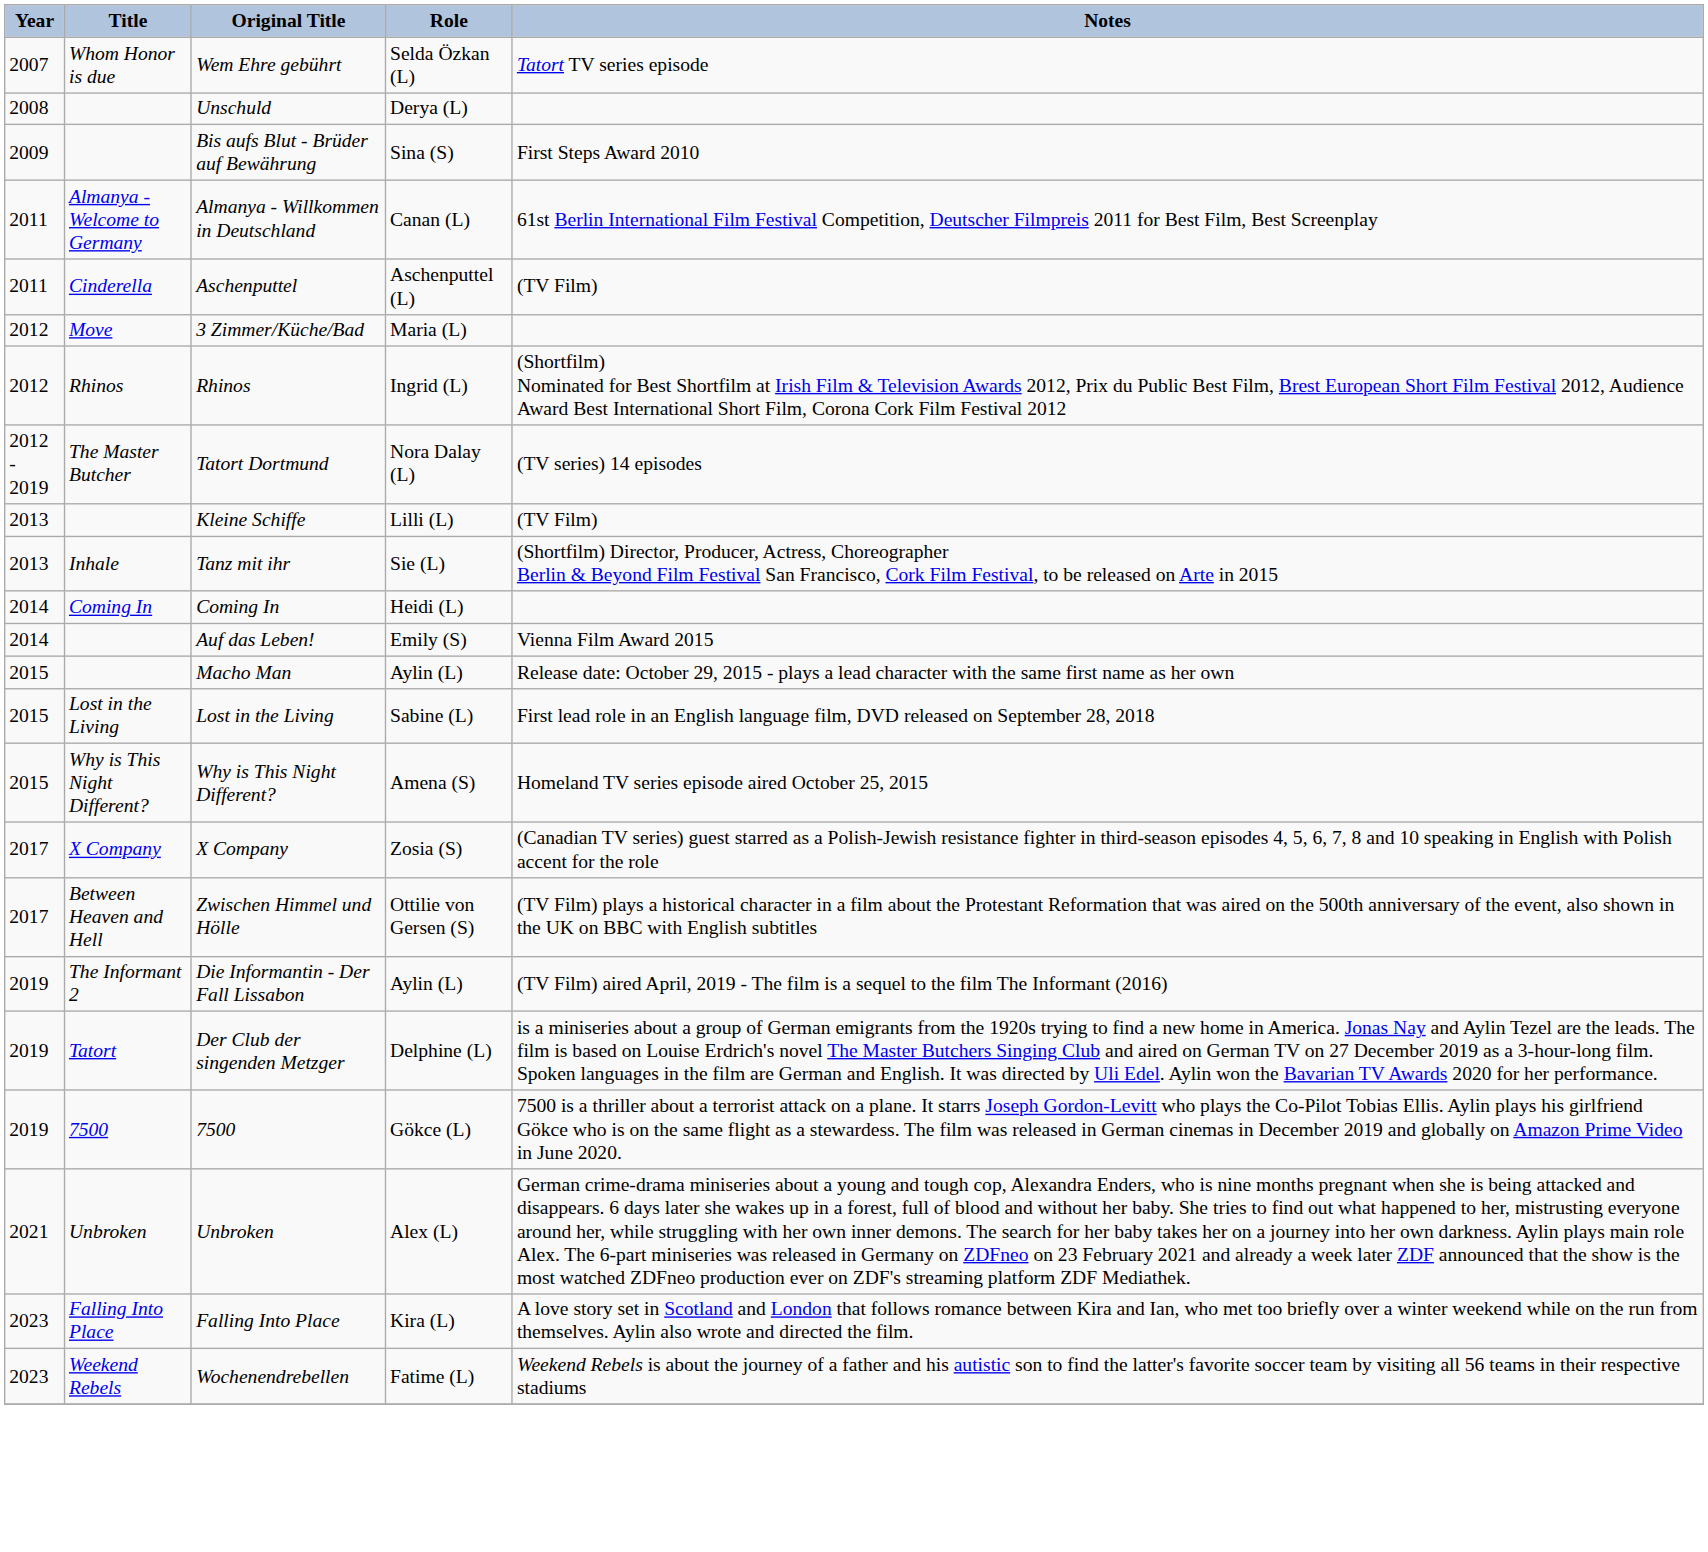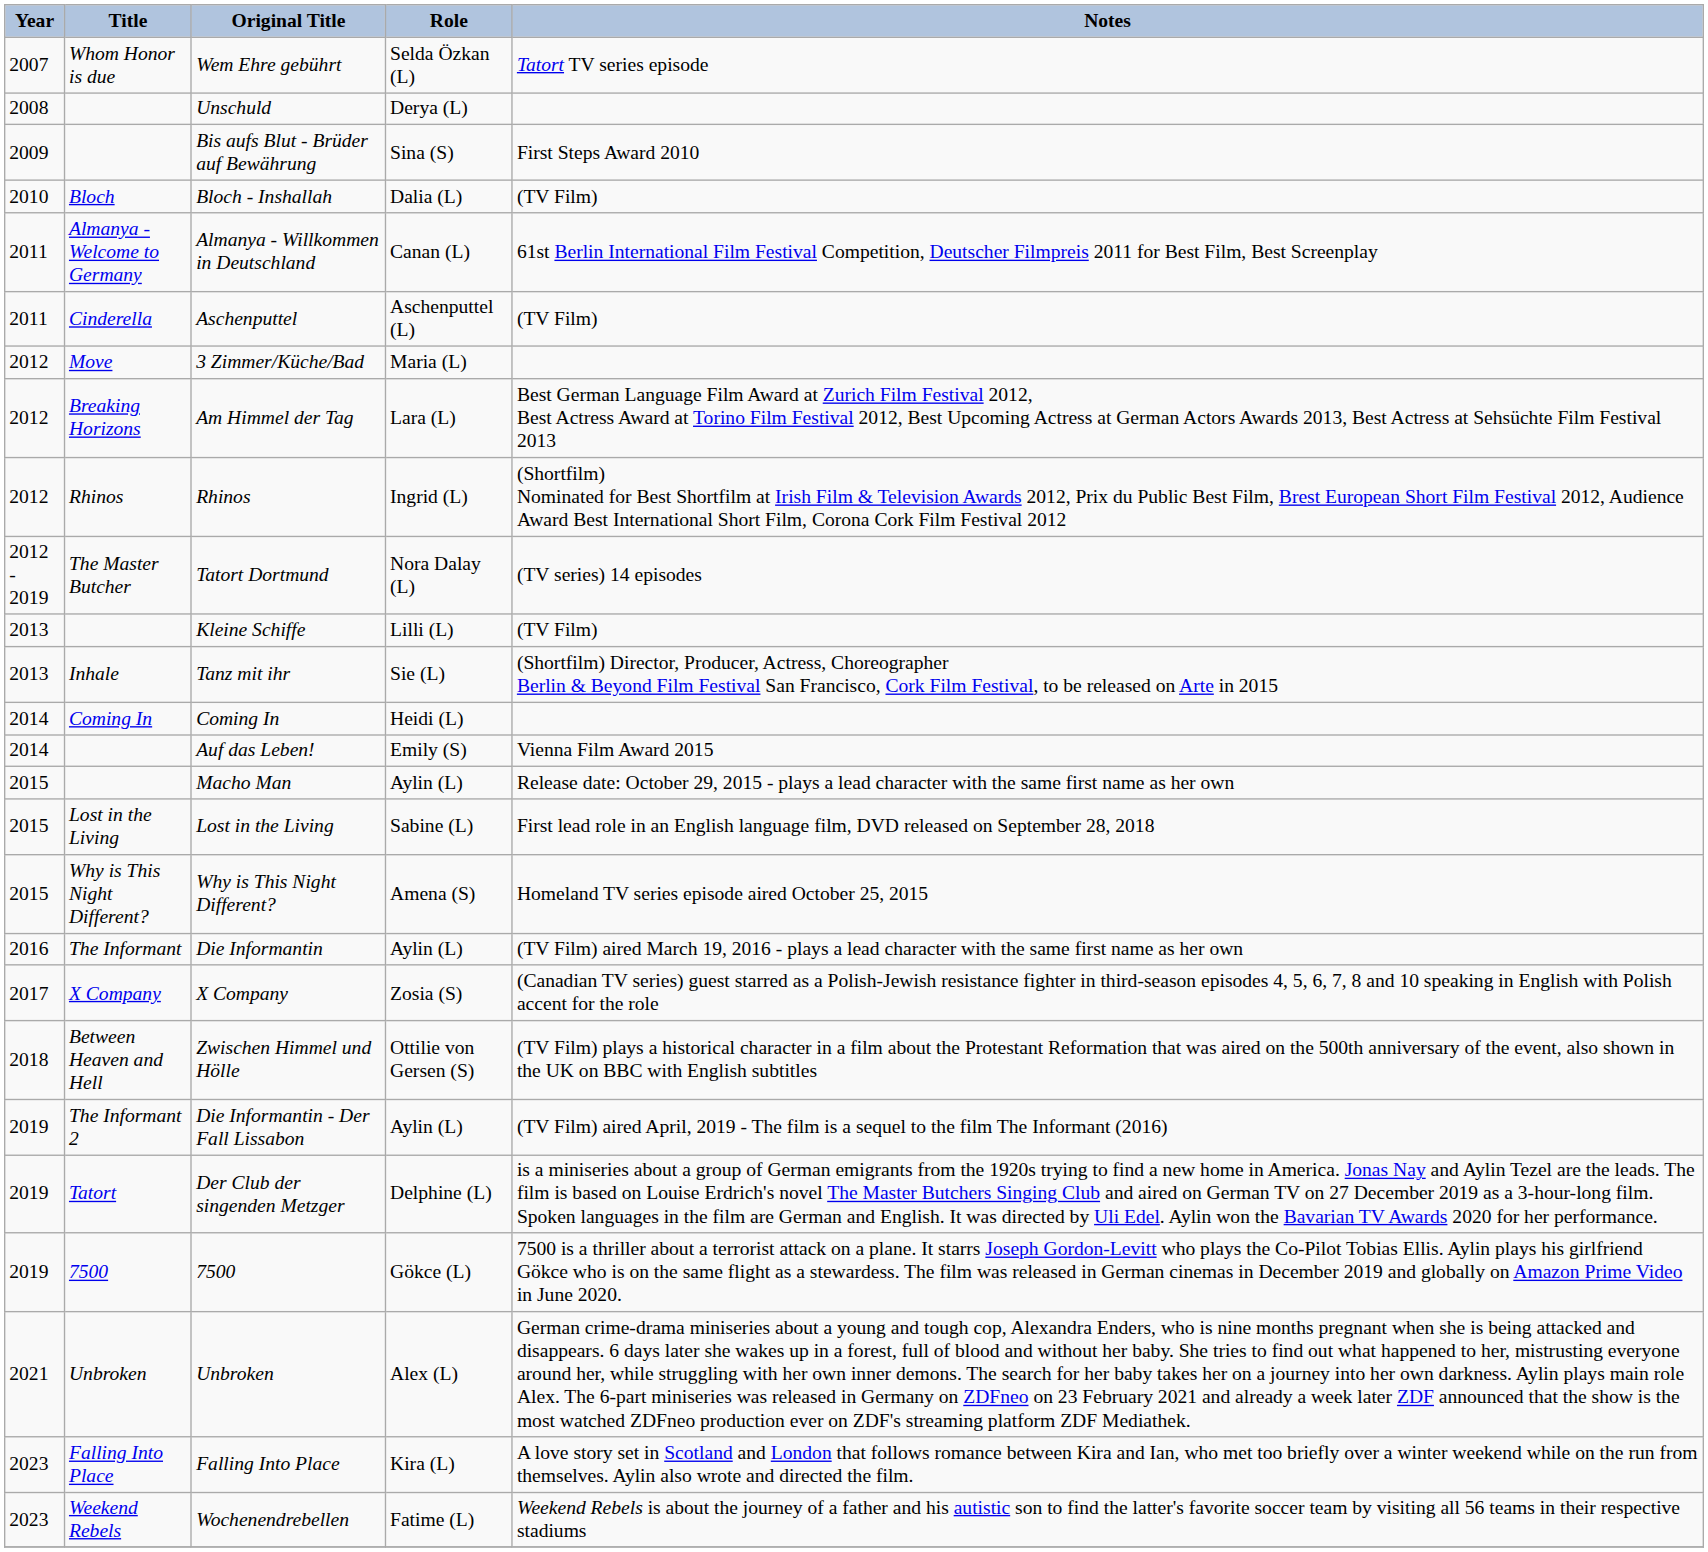 <table class="wikitable" style="font-size:90%;">
 <tr>
 <th style="background:#B0C4DE;">Year</th>
 <th style="background:#B0C4DE;">Title</th>
 <th style="background:#B0C4DE;">Original Title</th>
 <th style="background:#B0C4DE;">Role</th>
 <th style="background:#B0C4DE;">Notes</th>
 </tr>
 <tr>
 <td>2007</td>
 <td><em>Whom Honor is due</em></td>
 <td><em>Wem Ehre gebührt</em></td>
 <td>Selda Özkan (L)</td>
 <td><em><a href='#'>Tatort</a></em> TV series episode</td>
 </tr>
 <tr>
 <td>2008</td>
 <td><em></em></td>
 <td><em>Unschuld</em></td>
 <td>Derya (L)</td>
 </tr>
 <tr>
 <td>2009</td>
 <td><em></em></td>
 <td><em>Bis aufs Blut - Brüder auf Bewährung</em></td>
 <td>Sina (S)</td>
 <td>First Steps Award 2010</td>
 </tr>
 <tr>
+<td>2010</td>
+<td><em><a href='#'>Bloch</a></em></td>
+<td><em>Bloch - Inshallah</em></td>
+<td>Dalia (L)</td>
+<td>(TV Film)</td>
+</tr>
+<tr>
 <td>2011</td>
 <td><em><a href='#'>Almanya - Welcome to Germany</a></em></td>
 <td><em>Almanya - Willkommen in Deutschland</em></td>
 <td>Canan (L)</td>
 <td>61st <a href='#'>Berlin International Film Festival</a> Competition, <a href='#'>Deutscher Filmpreis</a> 2011 for Best Film, Best Screenplay</td>
 </tr>
 <tr>
 <td>2011</td>
 <td><em><a href='#'>Cinderella</a></em></td>
 <td><em>Aschenputtel</em></td>
 <td>Aschenputtel (L)</td>
 <td>(TV Film)</td>
 </tr>
 <tr>
 <td>2012</td>
 <td><em><a href='#'>Move</a></em></td>
 <td><em>3 Zimmer/Küche/Bad</em></td>
 <td>Maria (L)</td>
+</tr>
+<tr>
+<td>2012</td>
+<td><em><a href='#'>Breaking Horizons</a></em></td>
+<td><em>Am Himmel der Tag</em></td>
+<td>Lara (L)</td>
+<td>Best German Language Film Award at <a href='#'>Zurich Film Festival</a> 2012,<br>Best Actress Award at <a href='#'>Torino Film Festival</a> 2012,  Best Upcoming Actress at German Actors Awards 2013,  Best Actress at Sehsüchte Film Festival 2013</td>
 </tr>
 <tr>
 <td>2012</td>
 <td><em>Rhinos</em></td>
 <td><em>Rhinos</em></td>
 <td>Ingrid (L)</td>
 <td>(Shortfilm)<br>Nominated for Best Shortfilm at <a href='#'>Irish Film & Television Awards</a> 2012,  Prix du Public Best Film, <a href='#'>Brest European Short Film Festival</a> 2012,  Audience Award Best International Short Film, Corona Cork Film Festival 2012</td>
 </tr>
 <tr>
 <td>2012 - 2019</td>
 <td><em>The Master Butcher</em></td>
 <td><em>Tatort Dortmund</em></td>
 <td>Nora Dalay (L)</td>
 <td>(TV series) 14 episodes</td>
 </tr>
 <tr>
 <td>2013</td>
 <td><em></em></td>
 <td><em>Kleine Schiffe</em></td>
 <td>Lilli (L)</td>
 <td>(TV Film)</td>
 </tr>
 <tr>
 <td>2013</td>
 <td><em>Inhale</em></td>
 <td><em>Tanz mit ihr</em></td>
 <td>Sie (L)</td>
 <td>(Shortfilm) Director, Producer, Actress, Choreographer<br><a href='#'>Berlin & Beyond Film Festival</a> San Francisco, <a href='#'>Cork Film Festival</a>, to be released on <a href='#'>Arte</a> in 2015</td>
 </tr>
 <tr>
 <td>2014</td>
 <td><em><a href='#'>Coming In</a></em></td>
 <td><em>Coming In</em></td>
 <td>Heidi (L)</td>
 </tr>
 <tr>
 <td>2014</td>
 <td><em></em></td>
 <td><em>Auf das Leben!</em></td>
 <td>Emily (S)</td>
 <td>Vienna Film Award 2015</td>
 </tr>
 <tr>
 <td>2015</td>
 <td><em></em></td>
 <td><em>Macho Man</em></td>
 <td>Aylin (L)</td>
 <td>Release date: October 29, 2015 - plays a lead character with the same first name as her own</td>
 </tr>
 <tr>
 <td>2015</td>
 <td><em>Lost in the Living</em></td>
 <td><em>Lost in the Living</em></td>
 <td>Sabine (L)</td>
 <td>First lead role in an English language film, DVD released on September 28, 2018</td>
 </tr>
 <tr>
 <td>2015</td>
 <td><em>Why is This Night Different?</em></td>
 <td><em>Why is This Night Different?</em></td>
 <td>Amena (S)</td>
 <td>Homeland TV series episode aired October 25, 2015</td>
 </tr>
 <tr>
+<td>2016</td>
+<td><em>The Informant</em></td>
+<td><em>Die Informantin</em></td>
+<td>Aylin (L)</td>
+<td>(TV Film) aired March 19, 2016 - plays a lead character with the same first name as her own</td>
+</tr>
+<tr>
 <td>2017</td>
 <td><em><a href='#'>X Company</a></em></td>
 <td><em>X Company</em></td>
 <td>Zosia (S)</td>
 <td>(Canadian TV series) guest starred as a Polish-Jewish resistance fighter in third-season episodes 4, 5, 6, 7, 8 and 10 speaking in English with Polish accent for the role</td>
 </tr>
 <tr>
-<td>2017</td>
+<td>2018</td>
 <td><em>Between Heaven and Hell</em></td>
 <td><em>Zwischen Himmel und Hölle</em></td>
 <td>Ottilie von Gersen (S)</td>
 <td>(TV Film) plays a historical character in a film about the Protestant Reformation that was aired on the 500th anniversary of the event, also shown in the UK on BBC with English subtitles</td>
 </tr>
 <tr>
 <td>2019</td>
 <td><em>The Informant 2</em></td>
 <td><em>Die Informantin - Der Fall Lissabon</em></td>
 <td>Aylin (L)</td>
 <td>(TV Film) aired April, 2019 - The film is a sequel to the film The Informant (2016)</td>
 </tr>
 <tr>
 <td>2019</td>
 <td><em><a href='#'>Tatort</a></em></td>
 <td><em>Der Club der singenden Metzger</em></td>
 <td>Delphine (L)</td>
 <td>is a miniseries about a group of German emigrants from the 1920s trying to find a new home in America. <a href='#'>Jonas Nay</a> and Aylin Tezel are the leads. The film is based on Louise Erdrich's novel <a href='#'>The Master Butchers Singing Club</a> and aired on German TV on 27 December 2019 as a 3-hour-long film. Spoken languages in the film are German and English. It was directed by <a href='#'>Uli Edel</a>. Aylin won the <a href='#'>Bavarian TV Awards</a> 2020 for her performance.</td>
 </tr>
 <tr>
 <td>2019</td>
 <td><em><a href='#'>7500</a></em></td>
 <td><em>7500</em></td>
 <td>Gökce (L)</td>
 <td>7500 is a thriller about a terrorist attack on a plane. It starrs <a href='#'>Joseph Gordon-Levitt</a> who plays the Co-Pilot Tobias Ellis. Aylin plays his girlfriend Gökce who is on the same flight as a stewardess. The film was released in German cinemas in December 2019 and globally on <a href='#'>Amazon Prime Video</a> in June 2020.</td>
 </tr>
 <tr>
 <td>2021</td>
 <td><em>Unbroken</em></td>
 <td><em>Unbroken</em></td>
 <td>Alex (L)</td>
 <td>German crime-drama miniseries about a young and tough cop, Alexandra Enders, who is nine months pregnant when she is being attacked and disappears. 6 days later she wakes up in a forest, full of blood and without her baby. She tries to find out what happened to her, mistrusting everyone around her, while struggling with her own inner demons. The search for her baby takes her on a journey into her own darkness. Aylin plays main role Alex. The 6-part miniseries was released in Germany on <a href='#'>ZDFneo</a> on 23 February 2021 and already a week later <a href='#'>ZDF</a> announced that the show is the most watched ZDFneo production ever on ZDF's streaming platform ZDF Mediathek.</td>
 </tr>
 <tr>
 <td>2023</td>
 <td><em><a href='#'>Falling Into Place</a></em></td>
 <td><em>Falling Into Place</em></td>
 <td>Kira (L)</td>
 <td>A love story set in <a href='#'>Scotland</a> and <a href='#'>London</a> that follows romance between Kira and Ian, who met too briefly over a winter weekend while on the run from themselves. Aylin also wrote and directed the film.</td>
 </tr>
 <tr>
 <td>2023</td>
 <td><em><a href='#'>Weekend Rebels</a></em></td>
 <td><em>Wochenendrebellen</em></td>
 <td>Fatime (L)</td>
 <td><em>Weekend Rebels</em> is about the journey of a father and his <a href='#'>autistic</a> son to find the latter's favorite soccer team by visiting all 56 teams in their respective stadiums</td>
 </tr>
 <tr>
 </tr>
 </table>
